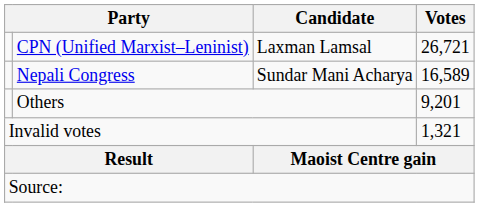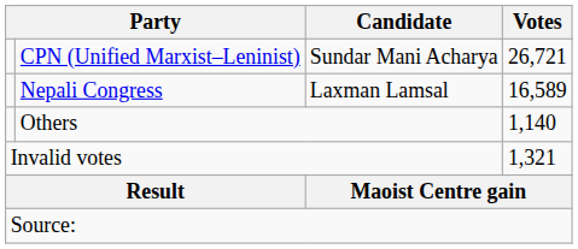 <table class="wikitable">
 <tr>
 <th colspan="2">Party</th>
 <th>Candidate</th>
 <th>Votes</th>
 </tr>
 <tr>
 <td style="background-color:"></td>
 <td><a href='#'>CPN (Unified Marxist–Leninist)</a></td>
-<td>Laxman Lamsal</td>
+<td>Sundar Mani Acharya</td>
 <td>26,721</td>
 </tr>
 <tr>
 <td style="background-color:"></td>
 <td><a href='#'>Nepali Congress</a></td>
-<td>Sundar Mani Acharya</td>
+<td>Laxman Lamsal</td>
 <td>16,589</td>
 </tr>
 <tr>
 <td></td>
 <td colspan="2">Others</td>
-<td>9,201</td>
+<td>1,140</td>
 </tr>
 <tr>
 <td colspan="3">Invalid votes</td>
 <td>1,321</td>
 </tr>
 <tr>
 <th colspan="2">Result</th>
 <th colspan="2">Maoist Centre gain</th>
 </tr>
 <tr>
 <td colspan="4">Source: </td>
 </tr>
 </table>
